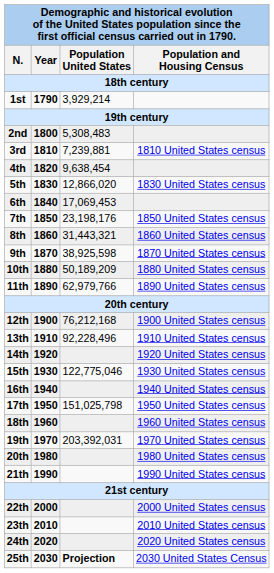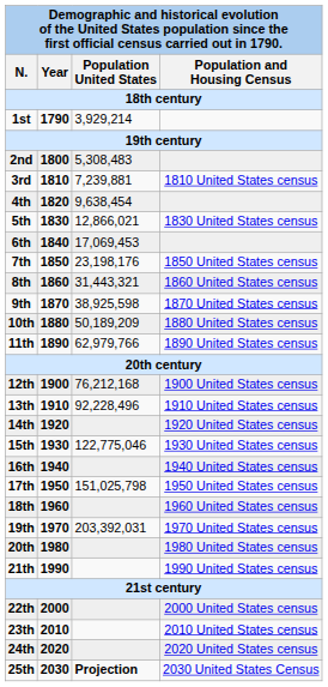 <table class="wikitable">
 <tr>
 <th colspan= "4" style="text-align:center; background:#abcdef;">Demographic and historical evolution <br>of the United States population since the <br> first official census carried out in 1790.</th>
 </tr>
 <tr>
 <th>N.</th>
 <th>Year</th>
 <th>Population<br>United States</th>
 <th>Population and <br> Housing Census</th>
 </tr>
 <tr align="center">
 <td colspan="4" style="background:#D0E7FF"><strong>18th century</strong></td>
 </tr>
 <tr align="center">
 <td><strong>1st</strong></td>
 <td><strong>1790</strong></td>
 <td align="left"> 3,929,214</td>
 <td></td>
 </tr>
 <tr align="center">
 <td colspan="4" style="background:#D0E7FF"><strong>19th century</strong></td>
 </tr>
 <tr align="center" style="background:#efefef; color:black">
 <td><strong>2nd</strong></td>
 <td><strong>1800</strong></td>
 <td align="left"> 5,308,483</td>
 <td></td>
 </tr>
 <tr align="center">
 <td><strong>3rd</strong></td>
 <td><strong>1810</strong></td>
 <td align="left"> 7,239,881</td>
 <td><a href='#'>1810 United States census</a></td>
 </tr>
 <tr align="center" style="background:#efefef; color:black">
 <td><strong>4th</strong></td>
 <td><strong>1820</strong></td>
 <td align="left"> 9,638,454</td>
 <td></td>
 </tr>
 <tr align="center">
 <td><strong>5th</strong></td>
 <td><strong>1830</strong></td>
-<td align="left"> 12,866,020</td>
+<td align="left"> 12,866,021</td>
 <td><a href='#'>1830 United States census</a></td>
 </tr>
 <tr align="center" style="background:#efefef; color:black">
 <td><strong>6th</strong></td>
 <td><strong>1840</strong></td>
 <td align="left"> 17,069,453</td>
 <td></td>
 </tr>
 <tr align="center">
 <td><strong>7th</strong></td>
 <td><strong>1850</strong></td>
 <td align="left"> 23,198,176</td>
 <td><a href='#'>1850 United States census</a></td>
 </tr>
 <tr align="center" style="background:#efefef; color:black">
 <td><strong>8th</strong></td>
 <td><strong>1860</strong></td>
 <td align="left"> 31,443,321</td>
 <td><a href='#'>1860 United States census</a></td>
 </tr>
 <tr align="center">
 <td><strong>9th</strong></td>
 <td><strong>1870</strong></td>
 <td align="left"> 38,925,598</td>
 <td><a href='#'>1870 United States census</a></td>
 </tr>
 <tr align="center" style="background:#efefef; color:black">
 <td><strong>10th</strong></td>
 <td><strong>1880</strong></td>
 <td align="left"> 50,189,209</td>
 <td><a href='#'>1880 United States census</a></td>
 </tr>
 <tr align="center">
 <td><strong>11th</strong></td>
 <td><strong>1890</strong></td>
 <td align="left"> 62,979,766</td>
 <td><a href='#'>1890 United States census</a></td>
 </tr>
 <tr align="center">
 <td colspan="4" style="background:#D0E7FF"><strong>20th century</strong></td>
 </tr>
 <tr align="center" style="background:#efefef; color:black">
 <td><strong>12th</strong></td>
 <td><strong>1900</strong></td>
 <td align="left"> 76,212,168</td>
 <td><a href='#'>1900 United States census</a></td>
 </tr>
 <tr align="center">
 <td><strong>13th</strong></td>
 <td><strong>1910</strong></td>
 <td align="left"> 92,228,496</td>
 <td><a href='#'>1910 United States census</a></td>
 </tr>
 <tr align="center" style="background:#efefef; color:black">
 <td><strong>14th</strong></td>
 <td><strong>1920</strong></td>
 <td align="left"></td>
 <td><a href='#'>1920 United States census</a></td>
 </tr>
 <tr align="center">
 <td><strong>15th</strong></td>
 <td><strong>1930</strong></td>
 <td align="left"> 122,775,046</td>
 <td><a href='#'>1930 United States census</a></td>
 </tr>
 <tr align="center" style="background:#efefef; color:black">
 <td><strong>16th</strong></td>
 <td><strong>1940</strong></td>
 <td align="left"></td>
 <td><a href='#'>1940 United States census</a></td>
 </tr>
 <tr align="center">
 <td><strong>17th</strong></td>
 <td><strong>1950</strong></td>
 <td align="left"> 151,025,798</td>
 <td><a href='#'>1950 United States census</a></td>
 </tr>
 <tr align="center" style="background:#efefef; color:black">
 <td><strong>18th</strong></td>
 <td><strong>1960</strong></td>
 <td align="left"></td>
 <td><a href='#'>1960 United States census</a></td>
 </tr>
 <tr align="center">
 <td><strong>19th</strong></td>
 <td><strong>1970</strong></td>
 <td align="left"> 203,392,031</td>
 <td><a href='#'>1970 United States census</a></td>
 </tr>
 <tr align="center" style="background:#efefef; color:black">
 <td><strong>20th</strong></td>
 <td><strong>1980</strong></td>
 <td align="left"></td>
 <td><a href='#'>1980 United States census</a></td>
 </tr>
 <tr align="center">
 <td><strong>21th</strong></td>
 <td><strong>1990</strong></td>
 <td align="left"></td>
 <td><a href='#'>1990 United States census</a></td>
 </tr>
 <tr align="center">
 <td colspan="4" style="background:#D0E7FF"><strong>21st century</strong></td>
 </tr>
 <tr align="center" style="background:#efefef; color:black">
 <td><strong>22th</strong></td>
 <td><strong>2000</strong></td>
 <td align="left"></td>
 <td><a href='#'>2000 United States census</a></td>
 </tr>
 <tr align="center">
 <td><strong>23th</strong></td>
 <td><strong>2010</strong></td>
 <td align="left"></td>
 <td><a href='#'>2010 United States census</a></td>
 </tr>
 <tr align="center" style="background:#efefef; color:black">
 <td><strong>24th</strong></td>
 <td><strong>2020</strong></td>
 <td align="left"></td>
 <td><a href='#'>2020 United States census</a></td>
 </tr>
 <tr align="center">
 <td><strong>25th</strong></td>
 <td><strong>2030</strong></td>
 <td align="left"><strong>Projection</strong></td>
 <td><a href='#'>2030 United States Census</a></td>
 </tr>
 </table>
